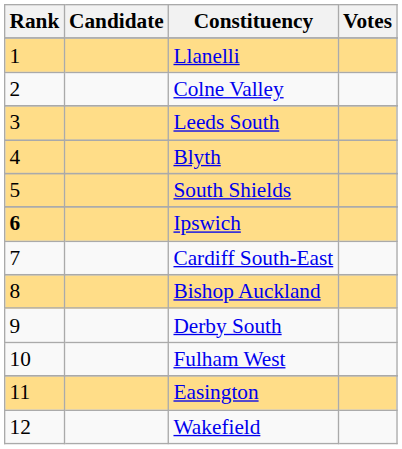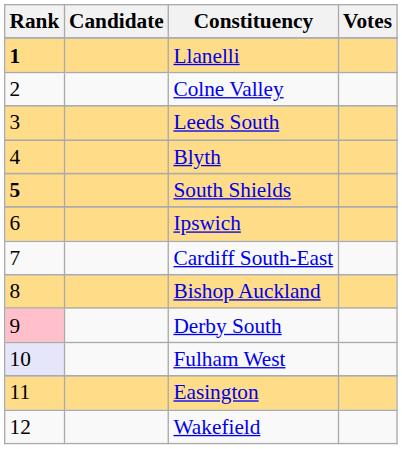 <table class="wikitable sortable">
 <tr>
 <th>Rank</th>
 <th>Candidate</th>
 <th>Constituency</th>
 <th>Votes</th>
 </tr>
 <tr>
 </tr>
 <tr bgcolor=ffdd88>
-<td>1</td>
+<td><strong>1</strong></td>
 <td></td>
 <td><a href='#'>Llanelli</a></td>
 <td></td>
 </tr>
 <tr>
 <td>2</td>
 <td></td>
 <td><a href='#'>Colne Valley</a></td>
 <td></td>
 </tr>
 <tr>
 </tr>
 <tr bgcolor=ffdd88>
 <td>3</td>
 <td></td>
 <td><a href='#'>Leeds South</a></td>
 <td></td>
 </tr>
 <tr>
 </tr>
 <tr bgcolor=ffdd88>
 <td>4</td>
 <td></td>
 <td><a href='#'>Blyth</a></td>
 <td></td>
 </tr>
 <tr>
 </tr>
 <tr bgcolor=ffdd88>
-<td>5</td>
+<td><strong>5</strong></td>
 <td></td>
 <td><a href='#'>South Shields</a></td>
 <td></td>
 </tr>
 <tr>
 </tr>
 <tr bgcolor=ffdd88>
-<td><strong>6</strong></td>
+<td>6</td>
 <td></td>
 <td><a href='#'>Ipswich</a></td>
 <td></td>
 </tr>
 <tr>
 <td>7</td>
 <td></td>
 <td><a href='#'>Cardiff South-East</a></td>
 <td></td>
 </tr>
 <tr>
 </tr>
 <tr bgcolor=ffdd88>
 <td>8</td>
 <td></td>
 <td><a href='#'>Bishop Auckland</a></td>
 <td></td>
 </tr>
 <tr>
-<td>9</td>
+<td style="background: pink;">9</td>
 <td></td>
 <td><a href='#'>Derby South</a></td>
 <td></td>
 </tr>
 <tr>
-<td>10</td>
+<td style="background: lavender;">10</td>
 <td></td>
 <td><a href='#'>Fulham West</a></td>
 <td></td>
 </tr>
 <tr>
 </tr>
 <tr bgcolor=ffdd88>
 <td>11</td>
 <td></td>
 <td><a href='#'>Easington</a></td>
 <td></td>
 </tr>
 <tr>
 <td>12</td>
 <td></td>
 <td><a href='#'>Wakefield</a></td>
 <td></td>
 </tr>
 </table>
